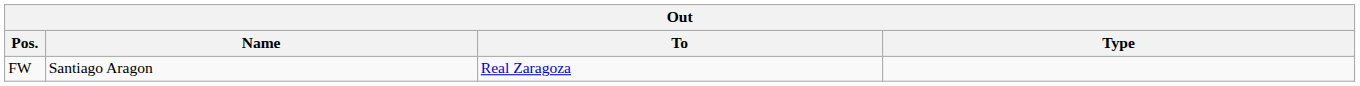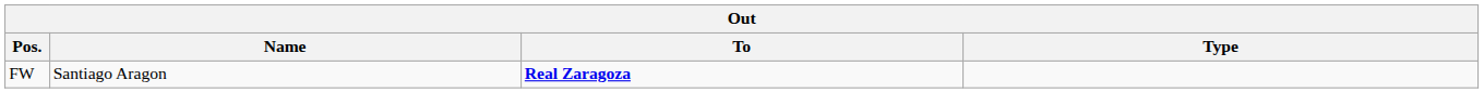 <table class="wikitable" style="font-size:90%;width:99%;">
 <tr>
 <th colspan="4">Out</th>
 </tr>
 <tr>
 <th width=3%>Pos.</th>
 <th width=32%>Name</th>
 <th width=30%>To</th>
 <th width=35%>Type</th>
 </tr>
 <tr>
 <td>FW</td>
 <td>Santiago Aragon</td>
-<td><a href='#'>Real Zaragoza</a></td>
+<td><strong><a href='#'>Real Zaragoza</a></strong></td>
 <td></td>
 </tr>
 </table>
